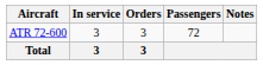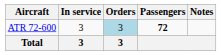 <table class="wikitable" style="margin:1em auto; text-align:center;">
 <tr>
 <th>Aircraft</th>
 <th>In service</th>
 <th>Orders</th>
 <th>Passengers</th>
 <th>Notes</th>
 </tr>
 <tr>
 <td><a href='#'>ATR 72-600</a></td>
 <td>3</td>
-<td>3</td>
-<td>72</td>
+<td style="background: lightblue;">3</td>
+<td><strong>72</strong></td>
 <td></td>
 </tr>
 <tr>
 <th>Total</th>
 <th>3</th>
 <th>3</th>
 <th colspan="4"></th>
 </tr>
 </table>
